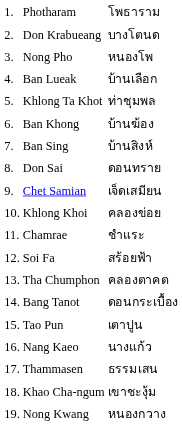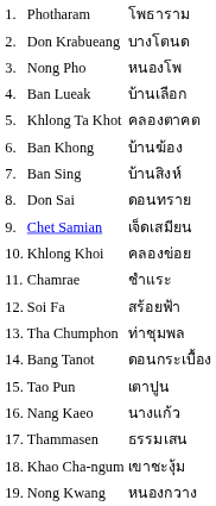 <table>
 <tr>
 <td>1.</td>
 <td>Photharam</td>
 <td>โพธาราม</td>
 <td></td>
 </tr>
 <tr>
 <td>2.</td>
 <td>Don Krabueang</td>
 <td>บางโตนด</td>
 <td></td>
 </tr>
 <tr>
 <td>3.</td>
 <td>Nong Pho</td>
 <td>หนองโพ</td>
 <td></td>
 </tr>
 <tr>
 <td>4.</td>
 <td>Ban Lueak</td>
 <td>บ้านเลือก</td>
 <td></td>
 </tr>
 <tr>
 <td>5.</td>
 <td>Khlong Ta Khot</td>
-<td>ท่าชุมพล</td>
+<td>คลองตาคต</td>
 <td></td>
 </tr>
 <tr>
 <td>6.</td>
 <td>Ban Khong</td>
 <td>บ้านฆ้อง</td>
 <td></td>
 </tr>
 <tr>
 <td>7.</td>
 <td>Ban Sing</td>
 <td>บ้านสิงห์</td>
 <td></td>
 </tr>
 <tr>
 <td>8.</td>
 <td>Don Sai</td>
 <td>ดอนทราย</td>
 <td></td>
 </tr>
 <tr>
 <td>9.</td>
 <td><a href='#'>Chet Samian</a></td>
 <td>เจ็ดเสมียน</td>
 <td></td>
 </tr>
 <tr>
 <td>10.</td>
 <td>Khlong Khoi</td>
 <td>คลองข่อย</td>
 <td></td>
 </tr>
 <tr>
 <td>11.</td>
 <td>Chamrae</td>
 <td>ชำแระ</td>
 <td></td>
 </tr>
 <tr>
 <td>12.</td>
 <td>Soi Fa</td>
 <td>สร้อยฟ้า</td>
 <td></td>
 </tr>
 <tr>
 <td>13.</td>
 <td>Tha Chumphon</td>
-<td>คลองตาคต</td>
+<td>ท่าชุมพล</td>
 <td></td>
 </tr>
 <tr>
 <td>14.</td>
 <td>Bang Tanot</td>
 <td>ดอนกระเบื้อง</td>
 <td></td>
 </tr>
 <tr>
 <td>15.</td>
 <td>Tao Pun</td>
 <td>เตาปูน</td>
 <td></td>
 </tr>
 <tr>
 <td>16.</td>
 <td>Nang Kaeo</td>
 <td>นางแก้ว</td>
 <td></td>
 </tr>
 <tr>
 <td>17.</td>
 <td>Thammasen</td>
 <td>ธรรมเสน</td>
 <td></td>
 </tr>
 <tr>
 <td>18.</td>
 <td>Khao Cha-ngum</td>
 <td>เขาชะงุ้ม</td>
 <td></td>
 </tr>
 <tr>
 <td>19.</td>
 <td>Nong Kwang</td>
 <td>หนองกวาง</td>
 <td></td>
 </tr>
 </table>
